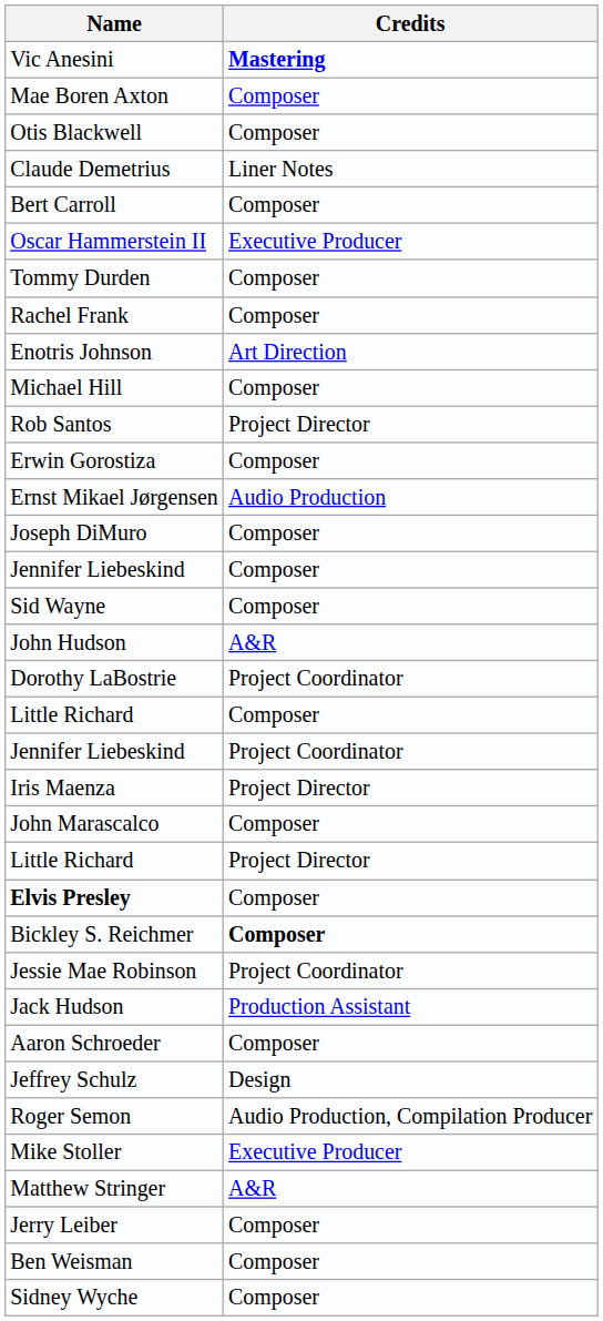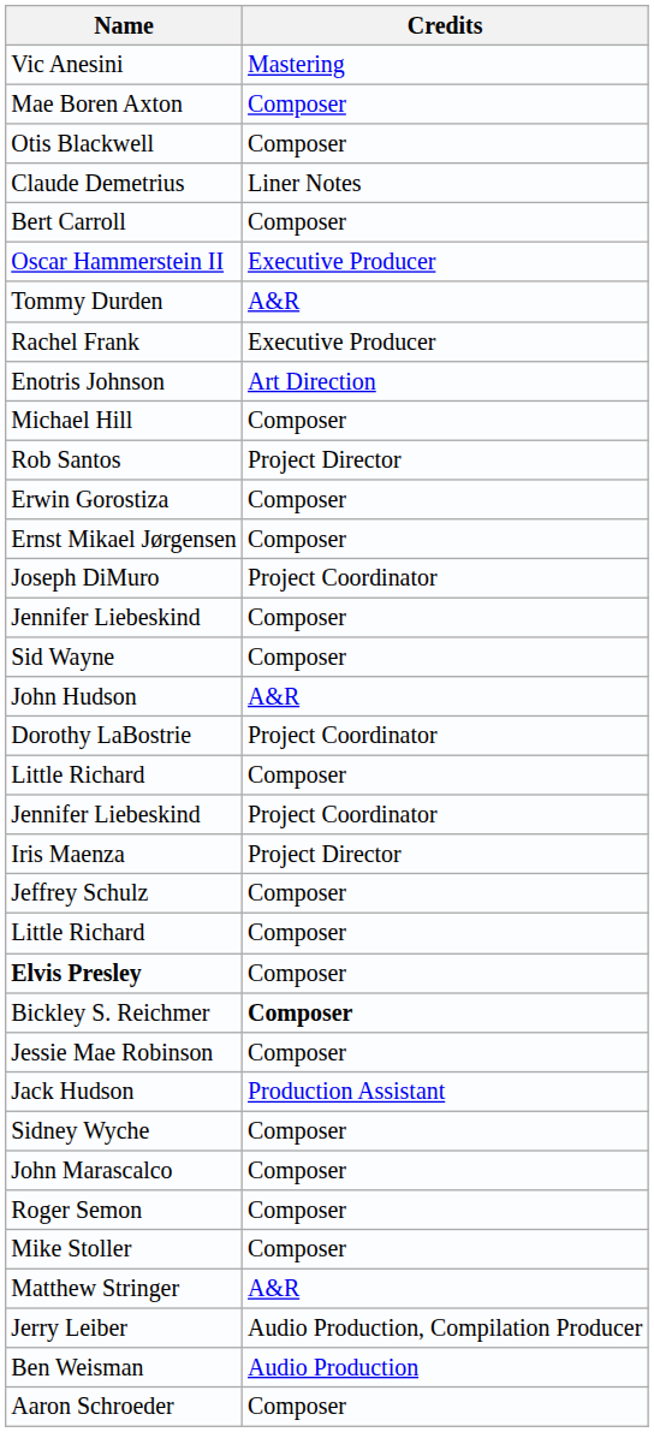 <table class="wikitable" style="background:#fcfdff; border:1px #aaa solid; font-size:95%;">
 <tr>
 <th>Name</th>
 <th>Credits</th>
 </tr>
 <tr>
 <td>Vic Anesini</td>
-<td><strong><a href='#'>Mastering</a></strong></td>
+<td><a href='#'>Mastering</a></td>
 </tr>
 <tr>
 <td>Mae Boren Axton</td>
 <td><a href='#'>Composer</a></td>
 </tr>
 <tr>
 <td>Otis Blackwell</td>
 <td>Composer</td>
 </tr>
 <tr>
 <td>Claude Demetrius</td>
 <td>Liner Notes</td>
 </tr>
 <tr>
 <td>Bert Carroll</td>
 <td>Composer</td>
 </tr>
 <tr>
 <td><a href='#'>Oscar Hammerstein II</a></td>
 <td><a href='#'>Executive Producer</a></td>
 </tr>
 <tr>
 <td>Tommy Durden</td>
-<td>Composer</td>
+<td><a href='#'>A&R</a></td>
 </tr>
 <tr>
 <td>Rachel Frank</td>
-<td>Composer</td>
+<td>Executive Producer</td>
 </tr>
 <tr>
 <td>Enotris Johnson</td>
 <td><a href='#'>Art Direction</a></td>
 </tr>
 <tr>
 <td>Michael Hill</td>
 <td>Composer</td>
 </tr>
 <tr>
 <td>Rob Santos</td>
 <td>Project Director</td>
 </tr>
 <tr>
 <td>Erwin Gorostiza</td>
 <td>Composer</td>
 </tr>
 <tr>
 <td>Ernst Mikael Jørgensen</td>
-<td><a href='#'>Audio Production</a></td>
+<td>Composer</td>
 </tr>
 <tr>
 <td>Joseph DiMuro</td>
-<td>Composer</td>
+<td>Project Coordinator</td>
 </tr>
 <tr>
 <td>Jennifer Liebeskind</td>
 <td>Composer</td>
 </tr>
 <tr>
 <td>Sid Wayne</td>
 <td>Composer</td>
 </tr>
 <tr>
 <td>John Hudson</td>
 <td><a href='#'>A&R</a></td>
 </tr>
 <tr>
 <td>Dorothy LaBostrie</td>
 <td>Project Coordinator</td>
 </tr>
 <tr>
 <td>Little Richard</td>
 <td>Composer</td>
 </tr>
 <tr>
 <td>Jennifer Liebeskind</td>
 <td>Project Coordinator</td>
 </tr>
 <tr>
 <td>Iris Maenza</td>
 <td>Project Director</td>
 </tr>
 <tr>
-<td>John Marascalco</td>
+<td>Jeffrey Schulz</td>
 <td>Composer</td>
 </tr>
 <tr>
 <td>Little Richard</td>
-<td>Project Director</td>
+<td>Composer</td>
 </tr>
 <tr>
 <td><strong>Elvis Presley</strong></td>
 <td>Composer</td>
 </tr>
 <tr>
 <td>Bickley S. Reichmer</td>
 <td><strong>Composer</strong></td>
 </tr>
 <tr>
 <td>Jessie Mae Robinson</td>
-<td>Project Coordinator</td>
+<td>Composer</td>
 </tr>
 <tr>
 <td>Jack Hudson</td>
 <td><a href='#'>Production Assistant</a></td>
 </tr>
 <tr>
-<td>Aaron Schroeder</td>
+<td>Sidney Wyche</td>
 <td>Composer</td>
 </tr>
 <tr>
-<td>Jeffrey Schulz</td>
-<td>Design</td>
+<td>John Marascalco</td>
+<td>Composer</td>
 </tr>
 <tr>
 <td>Roger Semon</td>
-<td>Audio Production, Compilation Producer</td>
+<td>Composer</td>
 </tr>
 <tr>
 <td>Mike Stoller</td>
-<td><a href='#'>Executive Producer</a></td>
+<td>Composer</td>
 </tr>
 <tr>
 <td>Matthew Stringer</td>
 <td><a href='#'>A&R</a></td>
 </tr>
 <tr>
 <td>Jerry Leiber</td>
-<td>Composer</td>
+<td>Audio Production, Compilation Producer</td>
 </tr>
 <tr>
 <td>Ben Weisman</td>
-<td>Composer</td>
+<td><a href='#'>Audio Production</a></td>
 </tr>
 <tr>
-<td>Sidney Wyche</td>
+<td>Aaron Schroeder</td>
 <td>Composer</td>
 </tr>
 </table>
